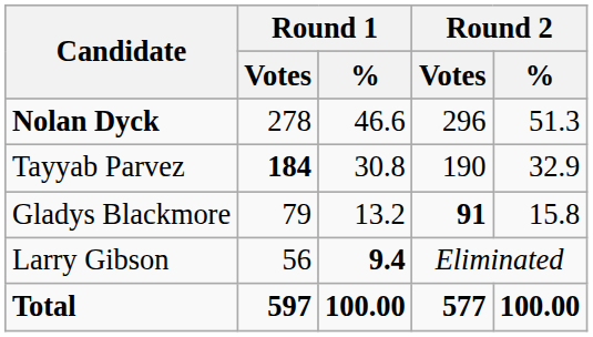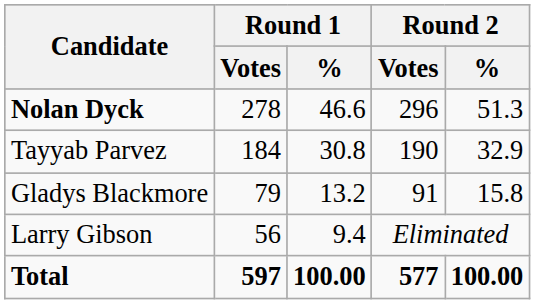 <table class="wikitable">
 <tr>
 <th rowspan=2>Candidate</th>
 <th colspan=2>Round 1</th>
 <th colspan=2>Round 2</th>
 </tr>
 <tr>
 <th>Votes</th>
 <th>%</th>
 <th>Votes</th>
 <th>%</th>
 </tr>
 <tr>
 <td><strong>Nolan Dyck</strong></td>
 <td style="text-align:right">278</td>
 <td style="text-align:right">46.6</td>
 <td style="text-align:right">296</td>
 <td style="text-align:right">51.3</td>
 </tr>
 <tr>
 <td>Tayyab Parvez</td>
-<td style="text-align:right"><strong>184</strong></td>
+<td style="text-align:right">184</td>
 <td style="text-align:right">30.8</td>
 <td style="text-align:right">190</td>
 <td style="text-align:right">32.9</td>
 </tr>
 <tr>
 <td>Gladys Blackmore</td>
 <td style="text-align:right">79</td>
 <td style="text-align:right">13.2</td>
-<td style="text-align:right"><strong>91</strong></td>
+<td style="text-align:right">91</td>
 <td style="text-align:right">15.8</td>
 </tr>
 <tr>
 <td>Larry Gibson</td>
 <td style="text-align:right">56</td>
-<td style="text-align:right"><strong>9.4</strong></td>
+<td style="text-align:right">9.4</td>
 <td colspan="4" style="text-align:center"><em>Eliminated</em></td>
 </tr>
 <tr>
 <td><strong>Total</strong></td>
 <td style="text-align:right"><strong>597</strong></td>
 <td style="text-align:right"><strong>100.00</strong></td>
 <td style="text-align:right"><strong>577</strong></td>
 <td style="text-align:right"><strong>100.00</strong></td>
 </tr>
 </table>
